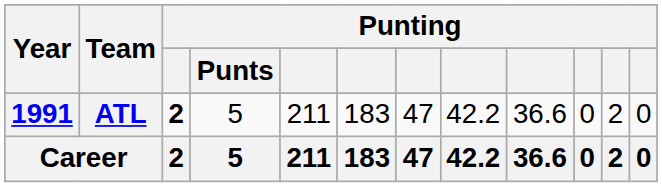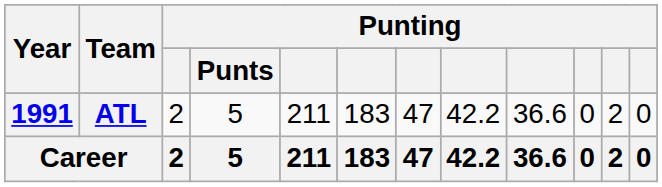 <table class=wikitable style="text-align:center;">
 <tr>
 <th rowspan="2">Year</th>
 <th rowspan="2">Team</th>
 <th colspan="10">Punting</th>
 </tr>
 <tr>
 <th></th>
 <th>Punts</th>
 <th></th>
 <th></th>
 <th></th>
 <th></th>
 <th></th>
 <th></th>
 <th></th>
 <th></th>
 </tr>
 <tr>
 <th><a href='#'>1991</a></th>
 <th><a href='#'>ATL</a></th>
-<td><strong>2</strong></td>
+<td>2</td>
 <td>5</td>
 <td>211</td>
 <td>183</td>
 <td>47</td>
 <td>42.2</td>
 <td>36.6</td>
 <td>0</td>
 <td>2</td>
 <td>0</td>
 </tr>
 <tr>
 <th colspan="2">Career</th>
 <th>2</th>
 <th>5</th>
 <th>211</th>
 <th>183</th>
 <th>47</th>
 <th>42.2</th>
 <th>36.6</th>
 <th>0</th>
 <th>2</th>
 <th>0</th>
 </tr>
 </table>
